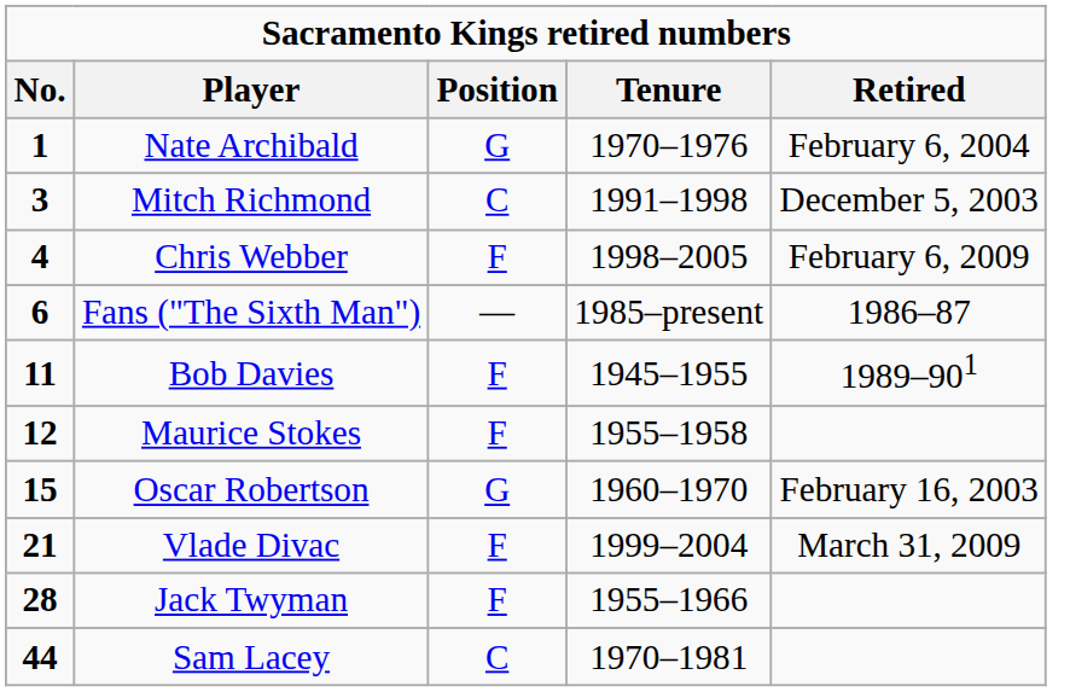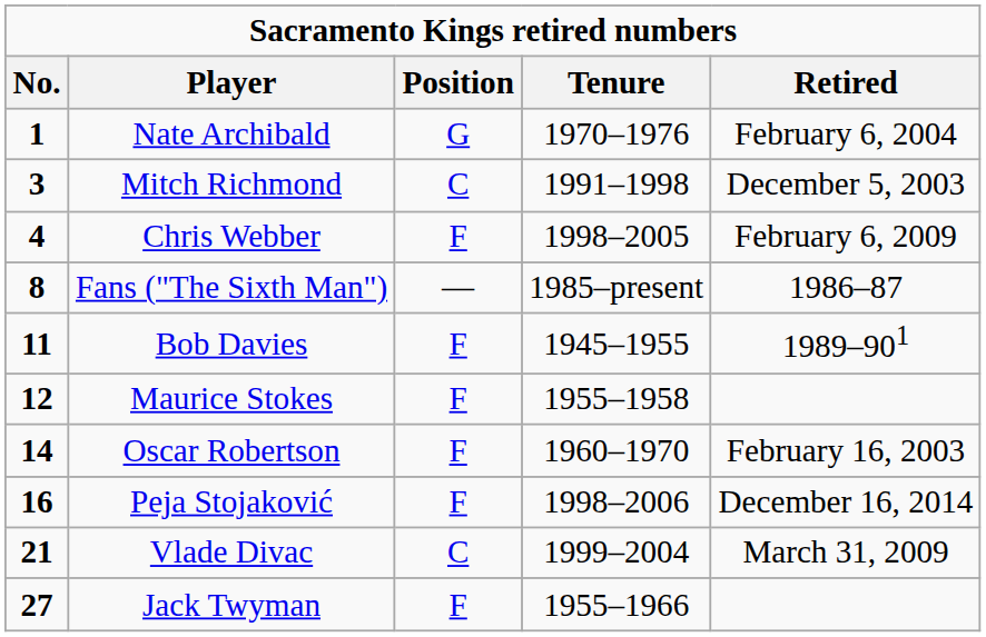 <table class="wikitable sortable" style="text-align:center">
 <tr>
 <td colspan="5"><strong>Sacramento Kings retired numbers</strong></td>
 </tr>
 <tr>
 <th>No.</th>
 <th>Player</th>
 <th>Position</th>
 <th>Tenure</th>
 <th>Retired</th>
 </tr>
 <tr>
 <td><strong>1</strong></td>
 <td><a href='#'>Nate Archibald</a></td>
 <td><a href='#'>G</a></td>
 <td>1970–1976</td>
 <td>February 6, 2004</td>
 </tr>
 <tr>
 <td><strong>3</strong></td>
 <td><a href='#'>Mitch Richmond</a></td>
 <td><a href='#'>C</a></td>
 <td>1991–1998</td>
 <td>December 5, 2003</td>
 </tr>
 <tr>
 <td><strong>4</strong></td>
 <td><a href='#'>Chris Webber</a></td>
 <td><a href='#'>F</a></td>
 <td>1998–2005</td>
 <td>February 6, 2009</td>
 </tr>
 <tr>
-<td><strong>6</strong></td>
+<td><strong>8</strong></td>
 <td><a href='#'>Fans ("The Sixth Man")</a></td>
 <td>—</td>
 <td>1985–present</td>
 <td>1986–87</td>
 </tr>
 <tr>
 <td><strong>11</strong></td>
 <td><a href='#'>Bob Davies</a></td>
 <td><a href='#'>F</a></td>
 <td>1945–1955</td>
 <td>1989–90<sup>1</sup></td>
 </tr>
 <tr>
 <td><strong>12</strong></td>
 <td><a href='#'>Maurice Stokes</a></td>
 <td><a href='#'>F</a></td>
 <td>1955–1958</td>
 <td></td>
 </tr>
 <tr>
-<td><strong>15</strong></td>
+<td><strong>14</strong></td>
 <td><a href='#'>Oscar Robertson</a></td>
-<td><a href='#'>G</a></td>
+<td><a href='#'>F</a></td>
 <td>1960–1970</td>
 <td>February 16, 2003</td>
 </tr>
 <tr>
+<td><strong>16</strong></td>
+<td><a href='#'>Peja Stojaković</a></td>
+<td><a href='#'>F</a></td>
+<td>1998–2006</td>
+<td>December 16, 2014</td>
+</tr>
+<tr>
 <td><strong>21</strong></td>
 <td><a href='#'>Vlade Divac</a></td>
-<td><a href='#'>F</a></td>
+<td><a href='#'>C</a></td>
 <td>1999–2004</td>
 <td>March 31, 2009</td>
 </tr>
 <tr>
-<td><strong>28</strong></td>
+<td><strong>27</strong></td>
 <td><a href='#'>Jack Twyman</a></td>
 <td><a href='#'>F</a></td>
 <td>1955–1966</td>
 <td></td>
 </tr>
-<tr>
-<td><strong>44</strong></td>
-<td><a href='#'>Sam Lacey</a></td>
-<td><a href='#'>C</a></td>
-<td>1970–1981</td>
-<td></td>
-</tr>
 </table>
